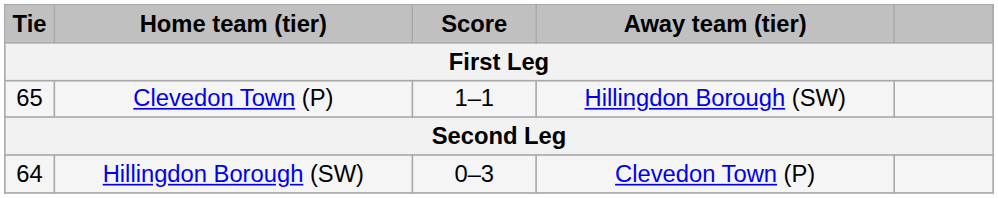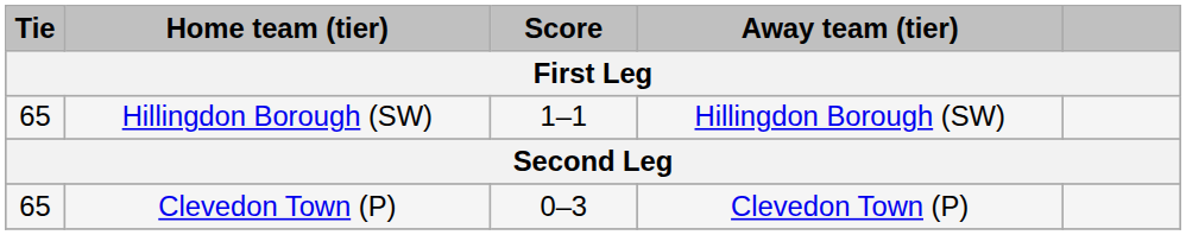 <table class="wikitable" style="width: 600px; background:WhiteSmoke; text-align:center; font-size:90%">
 <tr>
 <td scope="col" style="width:  5.00%; background:silver;"><strong>Tie</strong></td>
 <td scope="col" style="width: 36.25%; background:silver;"><strong>Home team (tier)</strong></td>
 <td scope="col" style="width: 12.50%; background:silver;"><strong>Score</strong></td>
 <td scope="col" style="width: 36.25%; background:silver;"><strong>Away team (tier)</strong></td>
 <td scope="col" style="width: 10.00%; background:silver;"><strong></strong></td>
 </tr>
 <tr>
 <th colspan="5">First Leg</th>
 </tr>
 <tr>
 <td>65</td>
-<td><a href='#'>Clevedon Town</a> (P)</td>
+<td><a href='#'>Hillingdon Borough</a> (SW)</td>
 <td>1–1</td>
 <td><a href='#'>Hillingdon Borough</a> (SW)</td>
 </tr>
 <tr>
 <th colspan="5">Second Leg</th>
 </tr>
 <tr>
-<td>64</td>
-<td><a href='#'>Hillingdon Borough</a> (SW)</td>
+<td>65</td>
+<td><a href='#'>Clevedon Town</a> (P)</td>
 <td>0–3</td>
 <td><a href='#'>Clevedon Town</a> (P)</td>
 </tr>
 </table>
